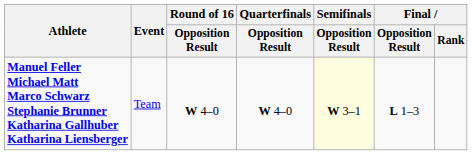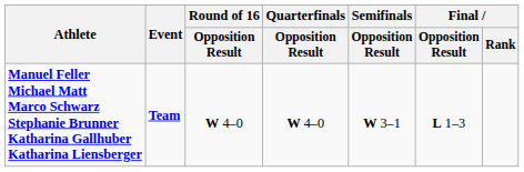 <table class="wikitable" style="font-size:90%">
 <tr>
 <th rowspan="2">Athlete</th>
 <th rowspan="2">Event</th>
 <th>Round of 16</th>
 <th>Quarterfinals</th>
 <th>Semifinals</th>
 <th colspan=2>Final / </th>
 </tr>
 <tr style="font-size:95%">
 <th>Opposition<br>Result</th>
 <th>Opposition<br>Result</th>
 <th>Opposition<br>Result</th>
 <th>Opposition<br>Result</th>
 <th>Rank</th>
 </tr>
 <tr align=center>
 <td align="left"><strong><a href='#'>Manuel Feller</a><br><a href='#'>Michael Matt</a><br><a href='#'>Marco Schwarz</a><br><a href='#'>Stephanie Brunner</a><br><a href='#'>Katharina Gallhuber</a><br><a href='#'>Katharina Liensberger</a></strong></td>
-<td align="left"><a href='#'>Team</a></td>
+<td align="left"><strong><a href='#'>Team</a></strong></td>
 <td><br><strong>W</strong> 4–0</td>
 <td><br><strong>W</strong> 4–0</td>
-<td style="background: lightyellow;"><br><strong>W</strong> 3–1</td>
+<td><br><strong>W</strong> 3–1</td>
 <td><br><strong>L</strong> 1–3</td>
 <td></td>
 </tr>
 </table>
